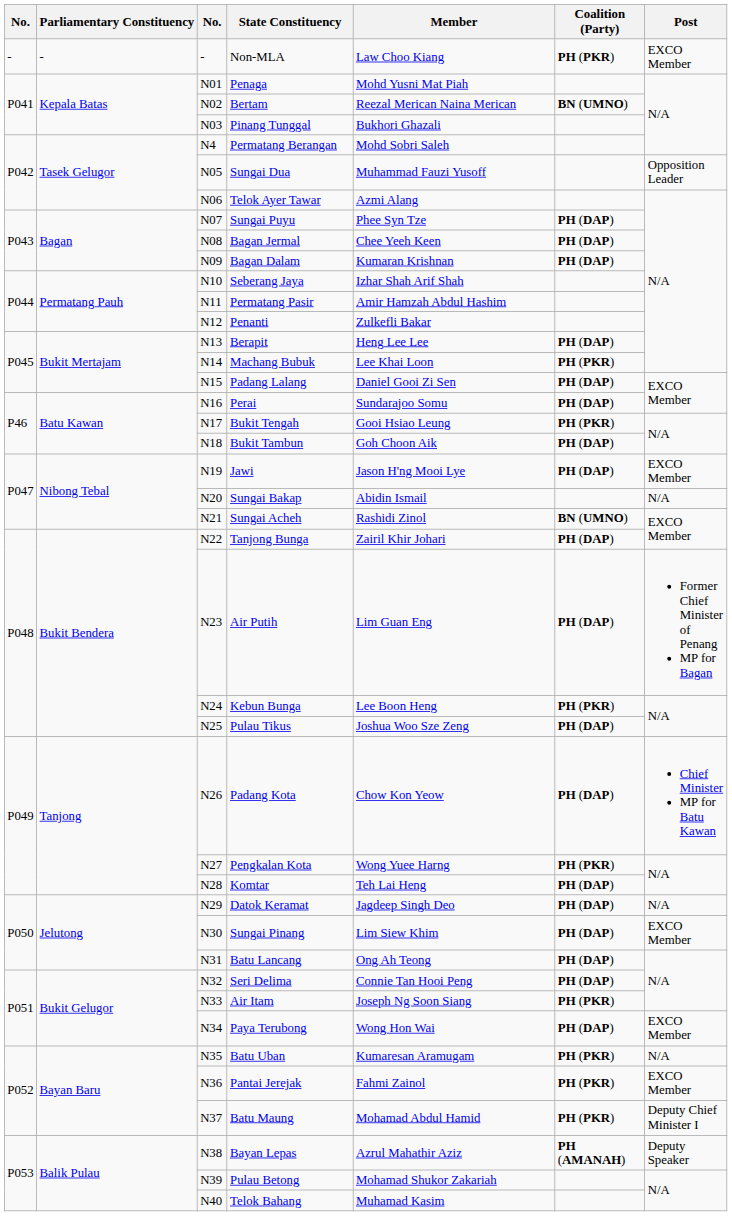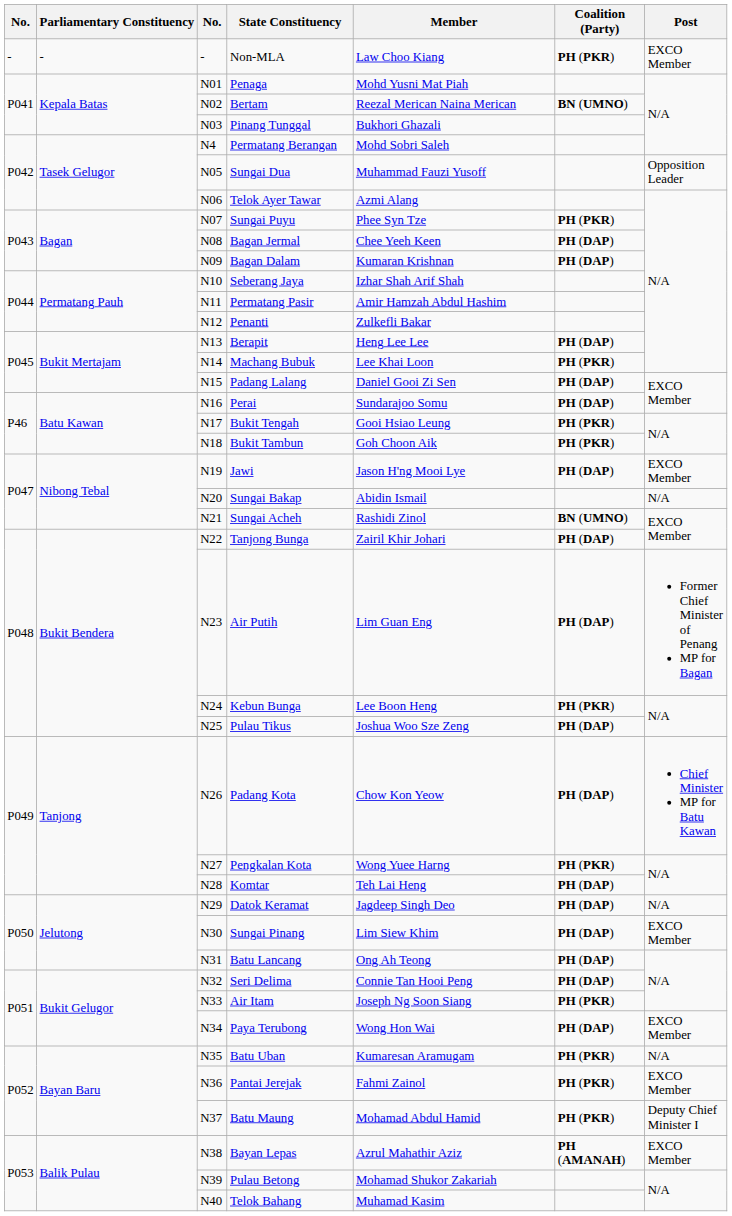 <table class="wikitable">
 <tr>
 <th>No.</th>
 <th>Parliamentary Constituency</th>
 <th width="30">No.</th>
 <th width="150">State Constituency</th>
 <th width="245">Member</th>
 <th width="105">Coalition (Party)</th>
 <th width="95">Post</th>
 </tr>
 <tr>
 <td>-</td>
 <td>-</td>
 <td>-</td>
 <td>Non-MLA</td>
 <td><a href='#'>Law Choo Kiang</a></td>
 <td><strong>PH</strong> (<strong>PKR</strong>)</td>
 <td>EXCO Member</td>
 </tr>
 <tr>
 <td rowspan="3">P041</td>
 <td rowspan="3"><a href='#'>Kepala Batas</a></td>
 <td>N01</td>
 <td><a href='#'>Penaga</a></td>
 <td><a href='#'>Mohd Yusni Mat Piah</a></td>
 <td></td>
 <td rowspan="4">N/A</td>
 </tr>
 <tr>
 <td>N02</td>
 <td><a href='#'>Bertam</a></td>
 <td><a href='#'>Reezal Merican Naina Merican</a></td>
 <td><strong>BN</strong> (<strong>UMNO</strong>)</td>
 </tr>
 <tr>
 <td>N03</td>
 <td><a href='#'>Pinang Tunggal</a></td>
 <td><a href='#'>Bukhori Ghazali</a></td>
 <td></td>
 </tr>
 <tr>
 <td rowspan="3">P042</td>
 <td rowspan="3"><a href='#'>Tasek Gelugor</a></td>
 <td>N4</td>
 <td><a href='#'>Permatang Berangan</a></td>
 <td><a href='#'>Mohd Sobri Saleh</a></td>
 <td></td>
 </tr>
 <tr>
 <td>N05</td>
 <td><a href='#'>Sungai Dua</a></td>
 <td><a href='#'>Muhammad Fauzi Yusoff</a></td>
 <td></td>
 <td>Opposition Leader</td>
 </tr>
 <tr>
 <td>N06</td>
 <td><a href='#'>Telok Ayer Tawar</a></td>
 <td><a href='#'>Azmi Alang</a></td>
 <td></td>
 <td rowspan="9">N/A</td>
 </tr>
 <tr>
 <td rowspan="3">P043</td>
 <td rowspan="3"><a href='#'>Bagan</a></td>
 <td>N07</td>
 <td><a href='#'>Sungai Puyu</a></td>
 <td><a href='#'>Phee Syn Tze</a></td>
-<td><strong>PH</strong> (<strong>DAP</strong>)</td>
+<td><strong>PH</strong> (<strong>PKR</strong>)</td>
 </tr>
 <tr>
 <td>N08</td>
 <td><a href='#'>Bagan Jermal</a></td>
 <td><a href='#'>Chee Yeeh Keen</a></td>
 <td><strong>PH</strong> (<strong>DAP</strong>)</td>
 </tr>
 <tr>
 <td>N09</td>
 <td><a href='#'>Bagan Dalam</a></td>
 <td><a href='#'>Kumaran Krishnan</a></td>
 <td><strong>PH</strong> (<strong>DAP</strong>)</td>
 </tr>
 <tr>
 <td rowspan="3">P044</td>
 <td rowspan="3"><a href='#'>Permatang Pauh</a></td>
 <td>N10</td>
 <td><a href='#'>Seberang Jaya</a></td>
 <td><a href='#'>Izhar Shah Arif Shah</a></td>
 <td></td>
 </tr>
 <tr>
 <td>N11</td>
 <td><a href='#'>Permatang Pasir</a></td>
 <td><a href='#'>Amir Hamzah Abdul Hashim</a></td>
 <td></td>
 </tr>
 <tr>
 <td>N12</td>
 <td><a href='#'>Penanti</a></td>
 <td><a href='#'>Zulkefli Bakar</a></td>
 <td></td>
 </tr>
 <tr>
 <td rowspan="3">P045</td>
 <td rowspan="3"><a href='#'>Bukit Mertajam</a></td>
 <td>N13</td>
 <td><a href='#'>Berapit</a></td>
 <td><a href='#'>Heng Lee Lee</a></td>
 <td><strong>PH</strong> (<strong>DAP</strong>)</td>
 </tr>
 <tr>
 <td>N14</td>
 <td><a href='#'>Machang Bubuk</a></td>
 <td><a href='#'>Lee Khai Loon</a></td>
 <td><strong>PH</strong> (<strong>PKR</strong>)</td>
 </tr>
 <tr>
 <td>N15</td>
 <td><a href='#'>Padang Lalang</a></td>
 <td><a href='#'>Daniel Gooi Zi Sen</a></td>
 <td><strong>PH</strong> (<strong>DAP</strong>)</td>
 <td rowspan="2">EXCO Member</td>
 </tr>
 <tr>
 <td rowspan="3">P46</td>
 <td rowspan="3"><a href='#'>Batu Kawan</a></td>
 <td>N16</td>
 <td><a href='#'>Perai</a></td>
 <td><a href='#'>Sundarajoo Somu</a></td>
 <td><strong>PH</strong> (<strong>DAP</strong>)</td>
 </tr>
 <tr>
 <td>N17</td>
 <td><a href='#'>Bukit Tengah</a></td>
 <td><a href='#'>Gooi Hsiao Leung</a></td>
 <td><strong>PH</strong> (<strong>PKR</strong>)</td>
 <td rowspan="2">N/A</td>
 </tr>
 <tr>
 <td>N18</td>
 <td><a href='#'>Bukit Tambun</a></td>
 <td><a href='#'>Goh Choon Aik</a></td>
-<td><strong>PH</strong> (<strong>DAP</strong>)</td>
+<td><strong>PH</strong> (<strong>PKR</strong>)</td>
 </tr>
 <tr>
 <td rowspan="3">P047</td>
 <td rowspan="3"><a href='#'>Nibong Tebal</a></td>
 <td>N19</td>
 <td><a href='#'>Jawi</a></td>
 <td><a href='#'>Jason H'ng Mooi Lye</a></td>
 <td><strong>PH</strong> (<strong>DAP</strong>)</td>
 <td>EXCO Member</td>
 </tr>
 <tr>
 <td>N20</td>
 <td><a href='#'>Sungai Bakap</a></td>
 <td><a href='#'>Abidin Ismail</a></td>
 <td></td>
 <td>N/A</td>
 </tr>
 <tr>
 <td>N21</td>
 <td><a href='#'>Sungai Acheh</a></td>
 <td><a href='#'>Rashidi Zinol</a></td>
 <td><strong>BN</strong> (<strong>UMNO</strong>)</td>
 <td rowspan="2">EXCO Member</td>
 </tr>
 <tr>
 <td rowspan="4">P048</td>
 <td rowspan="4"><a href='#'>Bukit Bendera</a></td>
 <td>N22</td>
 <td><a href='#'>Tanjong Bunga</a></td>
 <td><a href='#'>Zairil Khir Johari</a></td>
 <td><strong>PH</strong> (<strong>DAP</strong>)</td>
 </tr>
 <tr>
 <td>N23</td>
 <td><a href='#'>Air Putih</a></td>
 <td><a href='#'>Lim Guan Eng</a></td>
 <td><strong>PH</strong> (<strong>DAP</strong>)</td>
 <td><br><ul><li>Former Chief Minister of Penang</li><li>MP for <a href='#'>Bagan</a></li></ul></td>
 </tr>
 <tr>
 <td>N24</td>
 <td><a href='#'>Kebun Bunga</a></td>
 <td><a href='#'>Lee Boon Heng</a></td>
 <td><strong>PH</strong> (<strong>PKR</strong>)</td>
 <td rowspan="2">N/A</td>
 </tr>
 <tr>
 <td>N25</td>
 <td><a href='#'>Pulau Tikus</a></td>
 <td><a href='#'>Joshua Woo Sze Zeng</a></td>
 <td><strong>PH</strong> (<strong>DAP</strong>)</td>
 </tr>
 <tr>
 <td rowspan="3">P049</td>
 <td rowspan="3"><a href='#'>Tanjong</a></td>
 <td>N26</td>
 <td><a href='#'>Padang Kota</a></td>
 <td><a href='#'>Chow Kon Yeow</a></td>
 <td><strong>PH</strong> (<strong>DAP</strong>)</td>
 <td><br><ul><li><a href='#'>Chief Minister</a></li><li>MP for <a href='#'>Batu Kawan</a></li></ul></td>
 </tr>
 <tr>
 <td>N27</td>
 <td><a href='#'>Pengkalan Kota</a></td>
 <td><a href='#'>Wong Yuee Harng</a></td>
 <td><strong>PH</strong> (<strong>PKR</strong>)</td>
 <td rowspan="2">N/A</td>
 </tr>
 <tr>
 <td>N28</td>
 <td><a href='#'>Komtar</a></td>
 <td><a href='#'>Teh Lai Heng</a></td>
 <td><strong>PH</strong> (<strong>DAP</strong>)</td>
 </tr>
 <tr>
 <td rowspan="3">P050</td>
 <td rowspan="3"><a href='#'>Jelutong</a></td>
 <td>N29</td>
 <td><a href='#'>Datok Keramat</a></td>
 <td><a href='#'>Jagdeep Singh Deo</a></td>
 <td><strong>PH</strong> (<strong>DAP</strong>)</td>
 <td>N/A</td>
 </tr>
 <tr>
 <td>N30</td>
 <td><a href='#'>Sungai Pinang</a></td>
 <td><a href='#'>Lim Siew Khim</a></td>
 <td><strong>PH</strong> (<strong>DAP</strong>)</td>
 <td>EXCO Member</td>
 </tr>
 <tr>
 <td>N31</td>
 <td><a href='#'>Batu Lancang</a></td>
 <td><a href='#'>Ong Ah Teong</a></td>
 <td><strong>PH</strong> (<strong>DAP</strong>)</td>
 <td rowspan="3">N/A</td>
 </tr>
 <tr>
 <td rowspan="3">P051</td>
 <td rowspan="3"><a href='#'>Bukit Gelugor</a></td>
 <td>N32</td>
 <td><a href='#'>Seri Delima</a></td>
 <td><a href='#'>Connie Tan Hooi Peng</a></td>
 <td><strong>PH</strong> (<strong>DAP</strong>)</td>
 </tr>
 <tr>
 <td>N33</td>
 <td><a href='#'>Air Itam</a></td>
 <td><a href='#'>Joseph Ng Soon Siang</a></td>
 <td><strong>PH</strong> (<strong>PKR</strong>)</td>
 </tr>
 <tr>
 <td>N34</td>
 <td><a href='#'>Paya Terubong</a></td>
 <td><a href='#'>Wong Hon Wai</a></td>
 <td><strong>PH</strong> (<strong>DAP</strong>)</td>
 <td>EXCO Member</td>
 </tr>
 <tr>
 <td rowspan="3">P052</td>
 <td rowspan="3"><a href='#'>Bayan Baru</a></td>
 <td>N35</td>
 <td><a href='#'>Batu Uban</a></td>
 <td><a href='#'>Kumaresan Aramugam</a></td>
 <td><strong>PH</strong> (<strong>PKR</strong>)</td>
 <td>N/A</td>
 </tr>
 <tr>
 <td>N36</td>
 <td><a href='#'>Pantai Jerejak</a></td>
 <td><a href='#'>Fahmi Zainol</a></td>
 <td><strong>PH</strong> (<strong>PKR</strong>)</td>
 <td>EXCO Member</td>
 </tr>
 <tr>
 <td>N37</td>
 <td><a href='#'>Batu Maung</a></td>
 <td><a href='#'>Mohamad Abdul Hamid</a></td>
 <td><strong>PH</strong> (<strong>PKR</strong>)</td>
 <td>Deputy Chief Minister I</td>
 </tr>
 <tr>
 <td rowspan="3">P053</td>
 <td rowspan="3"><a href='#'>Balik Pulau</a></td>
 <td>N38</td>
 <td><a href='#'>Bayan Lepas</a></td>
 <td><a href='#'>Azrul Mahathir Aziz</a></td>
 <td><strong>PH</strong> (<strong>AMANAH</strong>)</td>
-<td>Deputy Speaker</td>
+<td>EXCO Member</td>
 </tr>
 <tr>
 <td>N39</td>
 <td><a href='#'>Pulau Betong</a></td>
 <td><a href='#'>Mohamad Shukor Zakariah</a></td>
 <td></td>
 <td rowspan="2">N/A</td>
 </tr>
 <tr>
 <td>N40</td>
 <td><a href='#'>Telok Bahang</a></td>
 <td><a href='#'>Muhamad Kasim</a></td>
 <td></td>
 </tr>
 </table>
